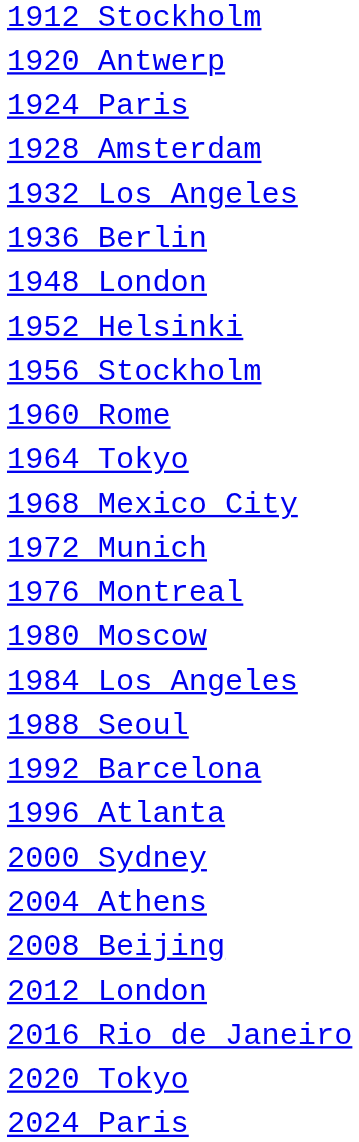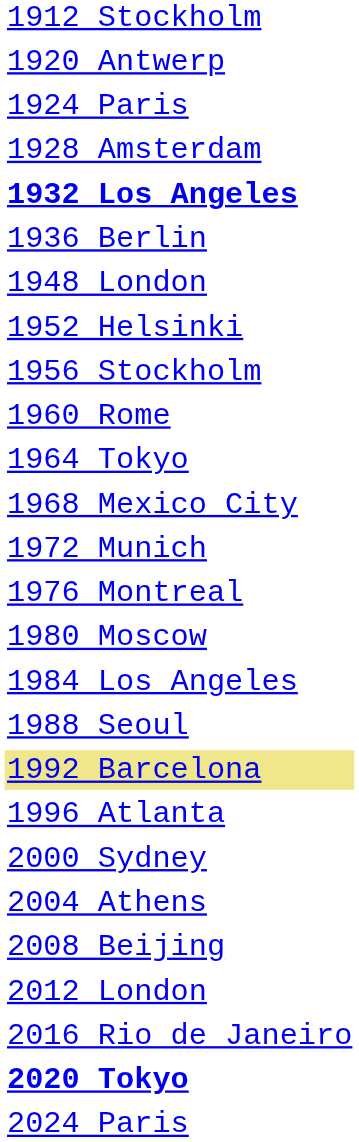 <table>
 <tr valign="top">
 <td><a href='#'>1912 Stockholm</a><br></td>
 <td></td>
 <td></td>
 <td></td>
 </tr>
 <tr valign="top">
 <td><a href='#'>1920 Antwerp</a><br></td>
 <td></td>
 <td></td>
 <td></td>
 </tr>
 <tr valign="top">
 <td><a href='#'>1924 Paris</a><br></td>
 <td></td>
 <td></td>
 <td></td>
 </tr>
 <tr valign="top">
 <td><a href='#'>1928 Amsterdam</a><br></td>
 <td></td>
 <td></td>
 <td></td>
 </tr>
 <tr valign="top">
-<td><a href='#'>1932 Los Angeles</a><br></td>
+<td><strong><a href='#'>1932 Los Angeles</a><br></strong></td>
 <td></td>
 <td></td>
 <td></td>
 </tr>
 <tr valign="top">
 <td><a href='#'>1936 Berlin</a><br></td>
 <td></td>
 <td></td>
 <td></td>
 </tr>
 <tr valign="top">
 <td><a href='#'>1948 London</a><br></td>
 <td></td>
 <td></td>
 <td></td>
 </tr>
 <tr valign="top">
 <td><a href='#'>1952 Helsinki</a><br></td>
 <td></td>
 <td></td>
 <td></td>
 </tr>
 <tr valign="top">
 <td><a href='#'>1956 Stockholm</a><br></td>
 <td></td>
 <td></td>
 <td></td>
 </tr>
 <tr valign="top">
 <td><a href='#'>1960 Rome</a><br></td>
 <td></td>
 <td></td>
 <td></td>
 </tr>
 <tr valign="top">
 <td><a href='#'>1964 Tokyo</a><br></td>
 <td></td>
 <td></td>
 <td></td>
 </tr>
 <tr valign="top">
 <td><a href='#'>1968 Mexico City</a><br></td>
 <td></td>
 <td></td>
 <td></td>
 </tr>
 <tr valign="top">
 <td><a href='#'>1972 Munich</a><br></td>
 <td></td>
 <td></td>
 <td></td>
 </tr>
 <tr valign="top">
 <td><a href='#'>1976 Montreal</a><br></td>
 <td></td>
 <td></td>
 <td></td>
 </tr>
 <tr valign="top">
 <td><a href='#'>1980 Moscow</a><br></td>
 <td></td>
 <td></td>
 <td></td>
 </tr>
 <tr valign="top">
 <td><a href='#'>1984 Los Angeles</a><br></td>
 <td></td>
 <td></td>
 <td></td>
 </tr>
 <tr valign="top">
 <td><a href='#'>1988 Seoul</a><br></td>
 <td></td>
 <td></td>
 <td></td>
 </tr>
 <tr valign="top">
-<td><a href='#'>1992 Barcelona</a><br></td>
+<td style="background: khaki;"><a href='#'>1992 Barcelona</a><br></td>
 <td></td>
 <td></td>
 <td></td>
 </tr>
 <tr valign="top">
 <td><a href='#'>1996 Atlanta</a><br></td>
 <td></td>
 <td></td>
 <td></td>
 </tr>
 <tr valign="top">
 <td><a href='#'>2000 Sydney</a><br></td>
 <td></td>
 <td></td>
 <td></td>
 </tr>
 <tr valign="top">
 <td><a href='#'>2004 Athens</a><br></td>
 <td></td>
 <td></td>
 <td></td>
 </tr>
 <tr valign="top">
 <td><a href='#'>2008 Beijing</a><br></td>
 <td></td>
 <td></td>
 <td></td>
 </tr>
 <tr valign="top">
 <td><a href='#'>2012 London</a><br></td>
 <td></td>
 <td></td>
 <td></td>
 </tr>
 <tr valign="top">
 <td><a href='#'>2016 Rio de Janeiro</a><br></td>
 <td></td>
 <td></td>
 <td></td>
 </tr>
 <tr valign="top">
-<td><a href='#'>2020 Tokyo</a><br></td>
+<td><strong><a href='#'>2020 Tokyo</a><br></strong></td>
 <td></td>
 <td></td>
 <td></td>
 </tr>
 <tr valign="top">
 <td><a href='#'>2024 Paris</a><br></td>
 <td></td>
 <td></td>
 <td></td>
 </tr>
 <tr>
 </tr>
 </table>
